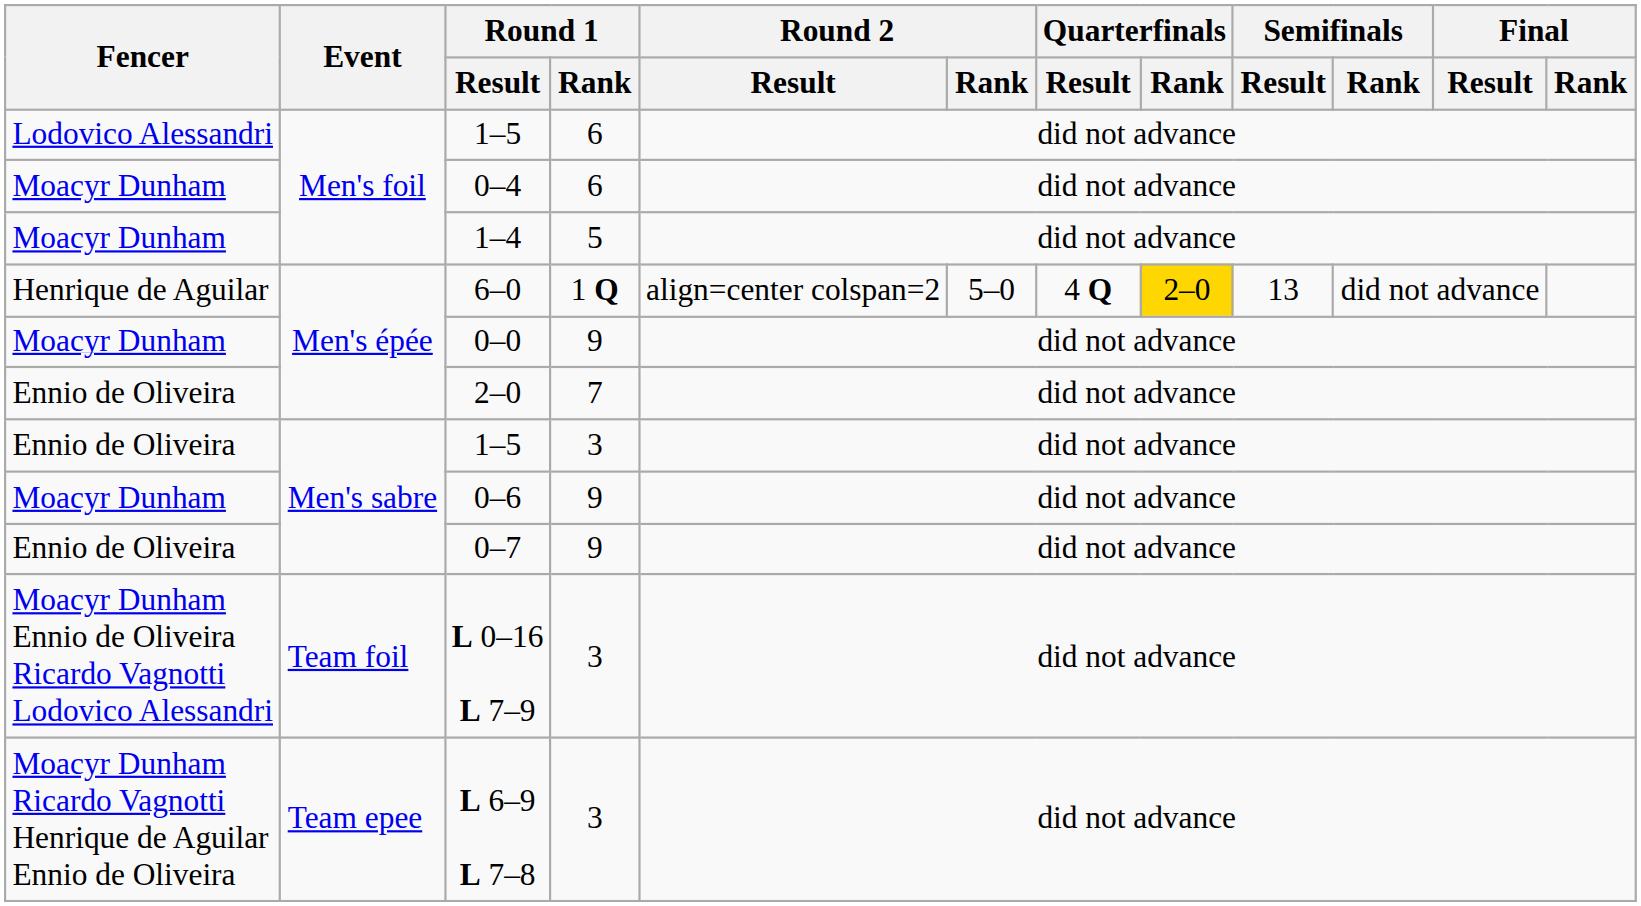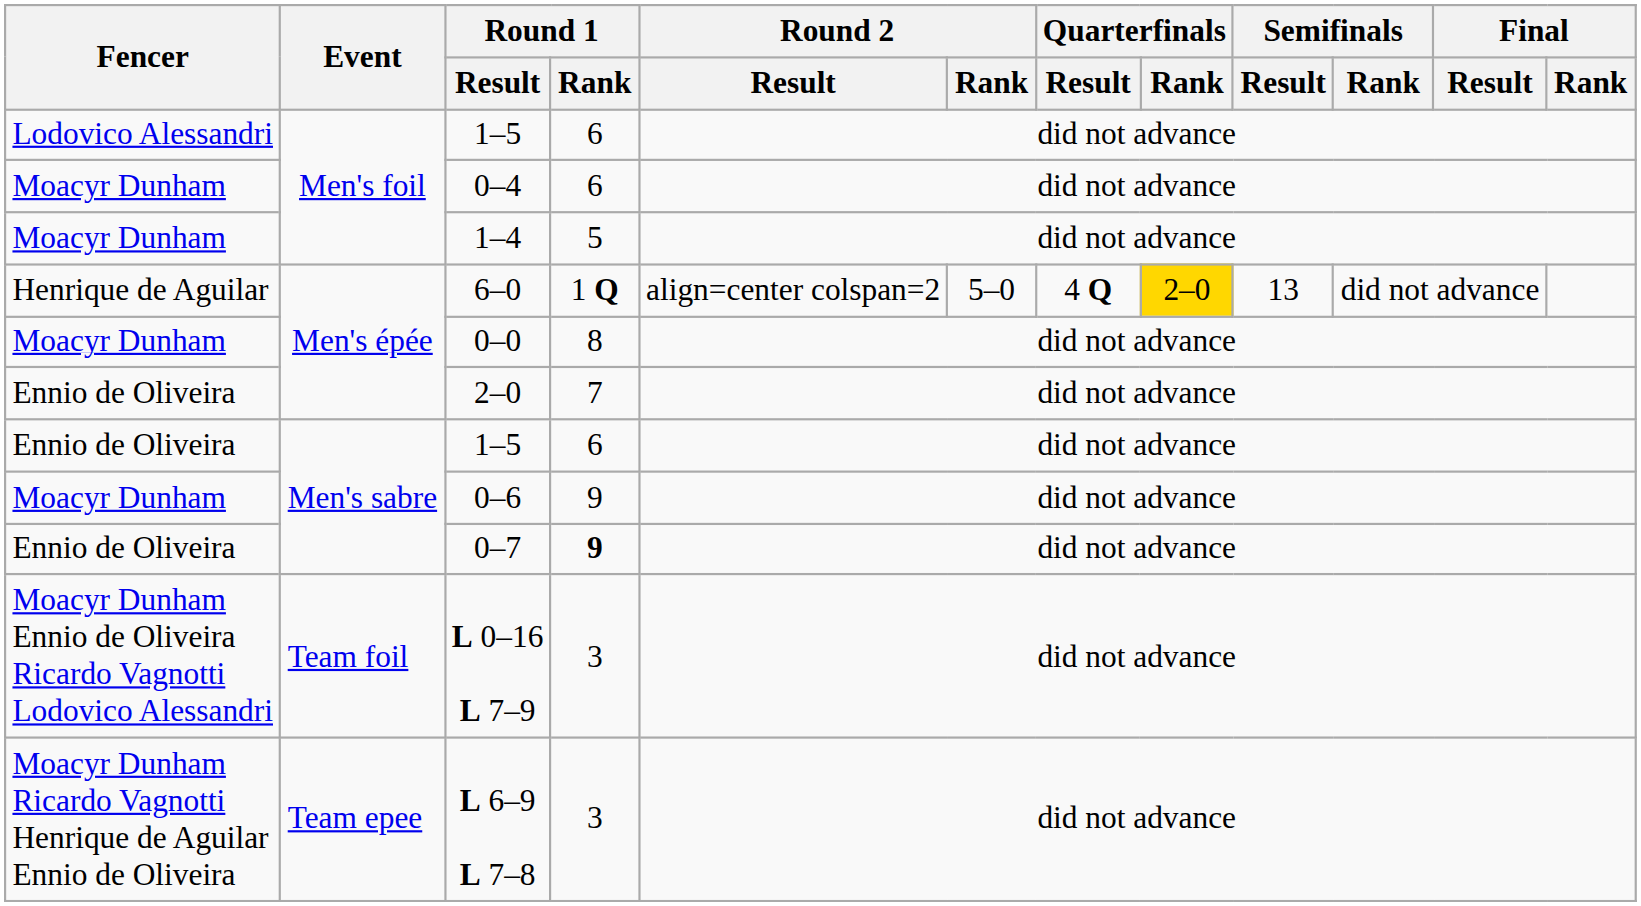 <table class=wikitable style="font-size:90%">
 <tr>
 <th rowspan=2>Fencer</th>
 <th rowspan=2>Event</th>
 <th colspan=2>Round 1</th>
 <th colspan=2>Round 2</th>
 <th colspan=2>Quarterfinals</th>
 <th colspan=2>Semifinals</th>
 <th colspan=2>Final</th>
 </tr>
 <tr>
 <th>Result</th>
 <th>Rank</th>
 <th>Result</th>
 <th>Rank</th>
 <th>Result</th>
 <th>Rank</th>
 <th>Result</th>
 <th>Rank</th>
 <th>Result</th>
 <th>Rank</th>
 </tr>
 <tr>
 <td><a href='#'>Lodovico Alessandri</a></td>
 <td align=center rowspan=3><a href='#'>Men's foil</a></td>
 <td align=center>1–5</td>
 <td align=center>6</td>
 <td align=center colspan=8>did not advance</td>
 </tr>
 <tr>
 <td><a href='#'>Moacyr Dunham</a></td>
 <td align=center>0–4</td>
 <td align=center>6</td>
 <td align=center colspan=8>did not advance</td>
 </tr>
 <tr>
 <td><a href='#'>Moacyr Dunham</a></td>
 <td align=center>1–4</td>
 <td align=center>5</td>
 <td align=center colspan=8>did not advance</td>
 </tr>
 <tr>
 <td>Henrique de Aguilar</td>
 <td align=center rowspan=3><a href='#'>Men's épée</a></td>
 <td align=center>6–0</td>
 <td align=center>1 <strong>Q</strong></td>
 <td>align=center colspan=2 </td>
 <td align=center>5–0</td>
 <td align=center>4 <strong>Q</strong></td>
 <td align=center style="background: gold;">2–0</td>
 <td align=center>13</td>
 <td align=center colspan=2>did not advance</td>
 </tr>
 <tr>
 <td><a href='#'>Moacyr Dunham</a></td>
 <td align=center>0–0</td>
-<td align=center>9</td>
+<td align=center>8</td>
 <td align=center colspan=8>did not advance</td>
 </tr>
 <tr>
 <td>Ennio de Oliveira</td>
 <td align=center>2–0</td>
 <td align=center>7</td>
 <td align=center colspan=8>did not advance</td>
 </tr>
 <tr>
 <td>Ennio de Oliveira</td>
 <td align=center rowspan=3><a href='#'>Men's sabre</a></td>
 <td align=center>1–5</td>
-<td align=center>3</td>
+<td align=center>6</td>
 <td align=center colspan=8>did not advance</td>
 </tr>
 <tr>
 <td><a href='#'>Moacyr Dunham</a></td>
 <td align=center>0–6</td>
 <td align=center>9</td>
 <td align=center colspan=8>did not advance</td>
 </tr>
 <tr>
 <td>Ennio de Oliveira</td>
 <td align=center>0–7</td>
-<td align=center>9</td>
+<td align=center><strong>9</strong></td>
 <td align=center colspan=8>did not advance</td>
 </tr>
 <tr>
 <td><a href='#'>Moacyr Dunham</a><br>  Ennio de Oliveira <br>  <a href='#'>Ricardo Vagnotti</a><br> <a href='#'>Lodovico Alessandri</a></td>
 <td><a href='#'>Team foil</a></td>
 <td align=center><br> <strong>L</strong> 0–16<br><br> <strong>L</strong> 7–9</td>
 <td align=center>3</td>
 <td align=center colspan=8>did not advance</td>
 </tr>
 <tr>
 <td><a href='#'>Moacyr Dunham</a><br>  <a href='#'>Ricardo Vagnotti</a><br> Henrique de Aguilar<br> Ennio de Oliveira</td>
 <td><a href='#'>Team epee</a></td>
 <td align=center><br> <strong>L</strong> 6–9<br><br> <strong>L</strong> 7–8</td>
 <td align=center>3</td>
 <td align=center colspan=8>did not advance</td>
 </tr>
 <tr>
 </tr>
 </table>
